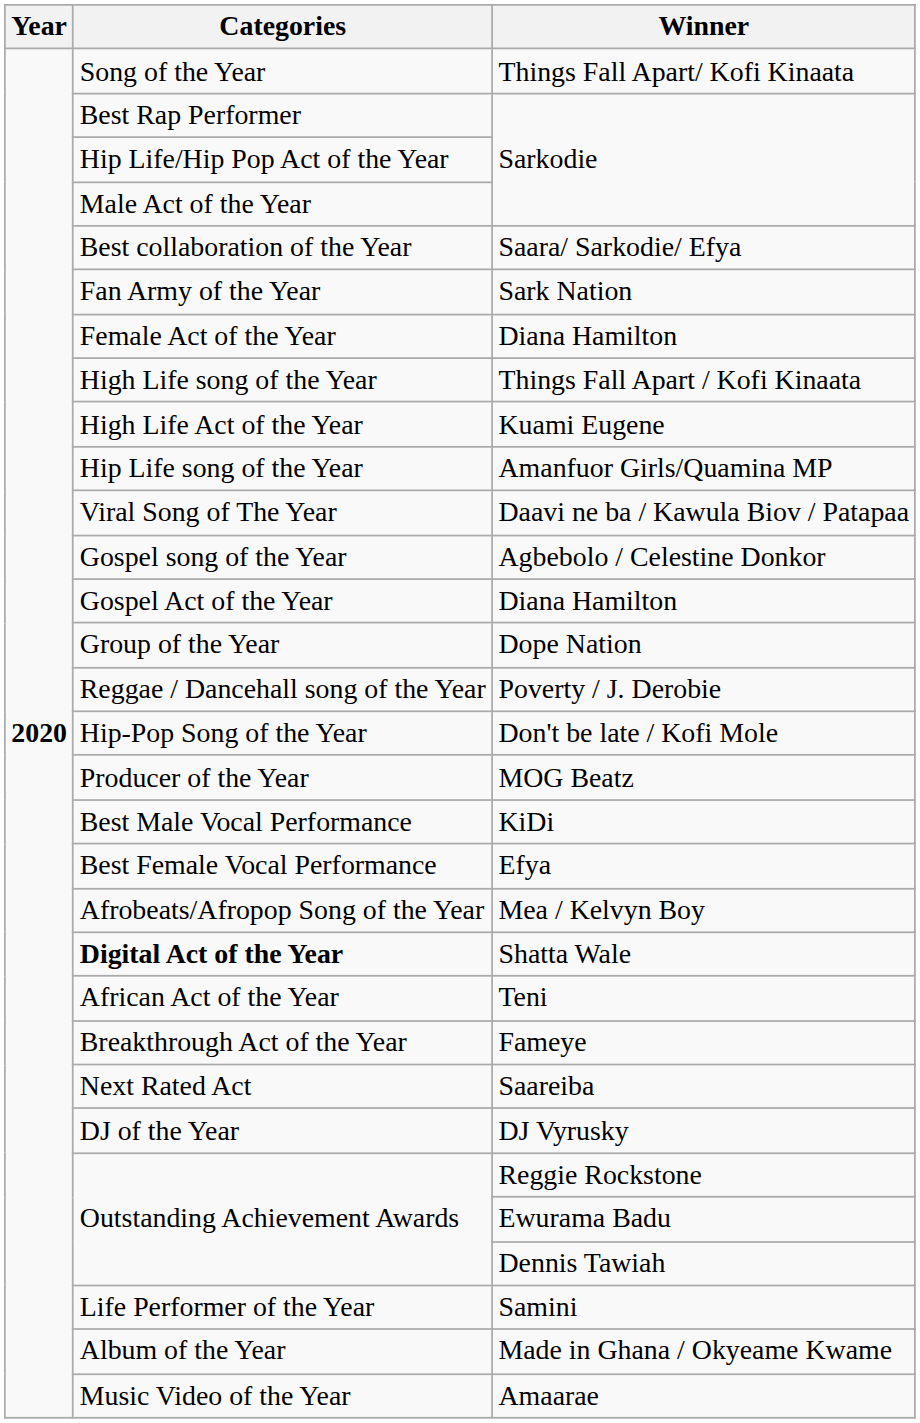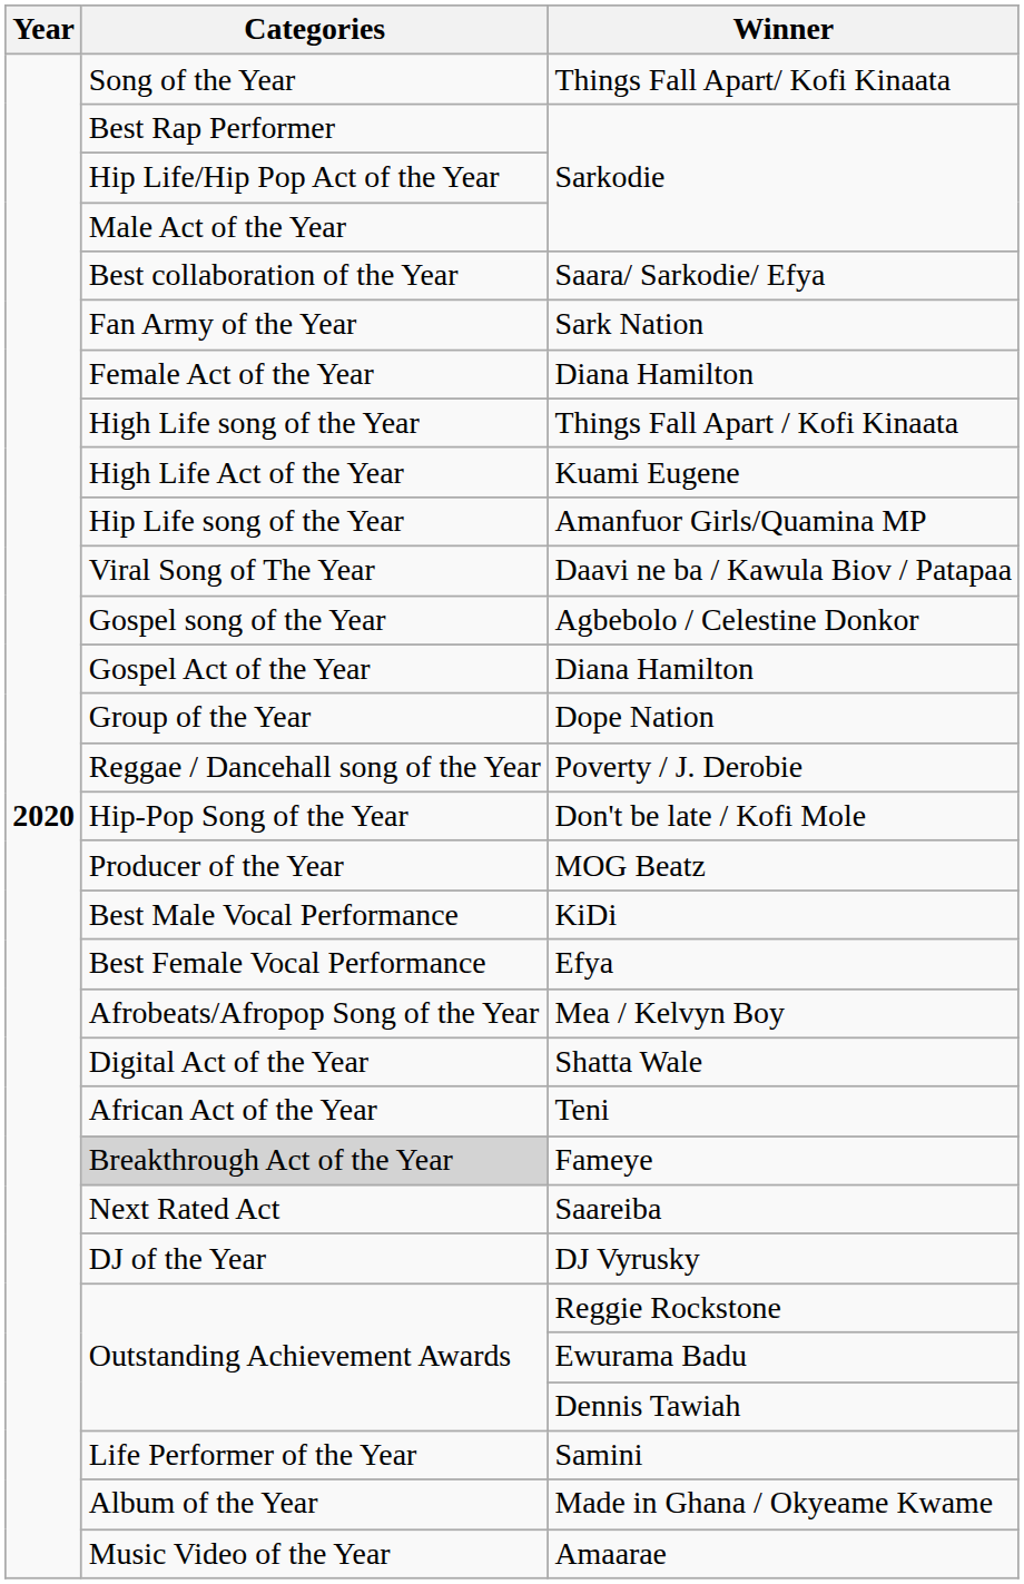 <table class="wikitable">
 <tr>
 <th>Year</th>
 <th>Categories</th>
 <th>Winner</th>
 </tr>
 <tr>
 <td rowspan="31"><strong>2020</strong></td>
 <td>Song of the Year</td>
 <td>Things Fall Apart/ Kofi Kinaata</td>
 </tr>
 <tr>
 <td>Best Rap Performer</td>
 <td rowspan="3">Sarkodie</td>
 </tr>
 <tr>
 <td>Hip Life/Hip Pop Act of the Year</td>
 </tr>
 <tr>
 <td>Male Act of the Year</td>
 </tr>
 <tr>
 <td>Best collaboration of the Year</td>
 <td>Saara/ Sarkodie/ Efya</td>
 </tr>
 <tr>
 <td>Fan Army of the Year</td>
 <td>Sark Nation</td>
 </tr>
 <tr>
 <td>Female Act of the Year</td>
 <td>Diana Hamilton</td>
 </tr>
 <tr>
 <td>High Life song of the Year</td>
 <td>Things Fall Apart / Kofi Kinaata</td>
 </tr>
 <tr>
 <td>High Life Act of the Year</td>
 <td>Kuami Eugene</td>
 </tr>
 <tr>
 <td>Hip Life song of the Year</td>
 <td>Amanfuor Girls/Quamina MP</td>
 </tr>
 <tr>
 <td>Viral Song of The Year</td>
 <td>Daavi ne ba / Kawula Biov / Patapaa</td>
 </tr>
 <tr>
 <td>Gospel song of the Year</td>
 <td>Agbebolo / Celestine Donkor</td>
 </tr>
 <tr>
 <td>Gospel Act of the Year</td>
 <td>Diana Hamilton</td>
 </tr>
 <tr>
 <td>Group of the Year</td>
 <td>Dope Nation</td>
 </tr>
 <tr>
 <td>Reggae / Dancehall song of the Year</td>
 <td>Poverty / J. Derobie</td>
 </tr>
 <tr>
 <td>Hip-Pop Song of the Year</td>
 <td>Don't be late / Kofi Mole</td>
 </tr>
 <tr>
 <td>Producer of the Year</td>
 <td>MOG Beatz</td>
 </tr>
 <tr>
 <td>Best Male Vocal Performance</td>
 <td>KiDi</td>
 </tr>
 <tr>
 <td>Best Female Vocal Performance</td>
 <td>Efya</td>
 </tr>
 <tr>
 <td>Afrobeats/Afropop Song of the Year</td>
 <td>Mea / Kelvyn Boy</td>
 </tr>
 <tr>
-<td><strong>Digital Act of the Year</strong></td>
+<td>Digital Act of the Year</td>
 <td>Shatta Wale</td>
 </tr>
 <tr>
 <td>African Act of the Year</td>
 <td>Teni</td>
 </tr>
 <tr>
-<td>Breakthrough Act of the Year</td>
+<td style="background: lightgrey;">Breakthrough Act of the Year</td>
 <td>Fameye</td>
 </tr>
 <tr>
 <td>Next Rated Act</td>
 <td>Saareiba</td>
 </tr>
 <tr>
 <td>DJ of the Year</td>
 <td>DJ Vyrusky</td>
 </tr>
 <tr>
 <td rowspan="3">Outstanding Achievement Awards</td>
 <td>Reggie Rockstone</td>
 </tr>
 <tr>
 <td>Ewurama Badu</td>
 </tr>
 <tr>
 <td>Dennis Tawiah</td>
 </tr>
 <tr>
 <td>Life Performer of the Year</td>
 <td>Samini</td>
 </tr>
 <tr>
 <td>Album of the Year</td>
 <td>Made in Ghana / Okyeame Kwame</td>
 </tr>
 <tr>
 <td>Music Video of the Year</td>
 <td>Amaarae</td>
 </tr>
 </table>
